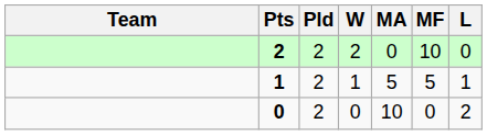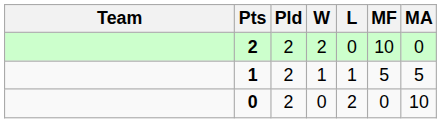 <table class=wikitable style="text-align:center">
 <tr>
 <th width=200>Team</th>
 <th width=20>Pts</th>
 <th width=20>Pld</th>
 <th width=20>W</th>
+<th width=20>L</th>
+<th width=20>MF</th>
 <th width=20>MA</th>
-<th width=20>MF</th>
-<th width=20>L</th>
 </tr>
 <tr bgcolor=ccffcc>
 <td style="text-align:left"><strong></strong></td>
 <td><strong>2</strong></td>
 <td>2</td>
 <td>2</td>
 <td>0</td>
 <td>10</td>
 <td>0</td>
 </tr>
 <tr>
 <td style="text-align:left"></td>
 <td><strong>1</strong></td>
 <td>2</td>
 <td>1</td>
+<td>1</td>
 <td>5</td>
 <td>5</td>
-<td>1</td>
 </tr>
 <tr>
 <td style="text-align:left"></td>
 <td><strong>0</strong></td>
 <td>2</td>
 <td>0</td>
+<td>2</td>
+<td>0</td>
 <td>10</td>
-<td>0</td>
-<td>2</td>
 </tr>
 </table>
